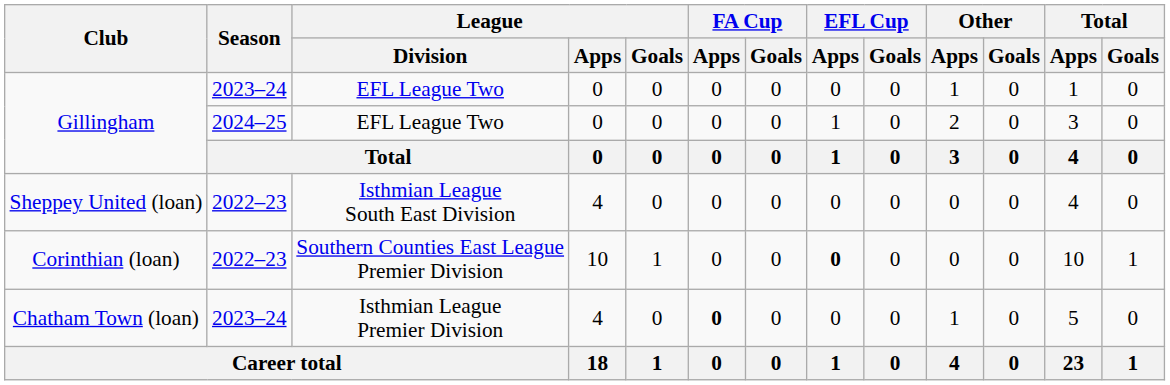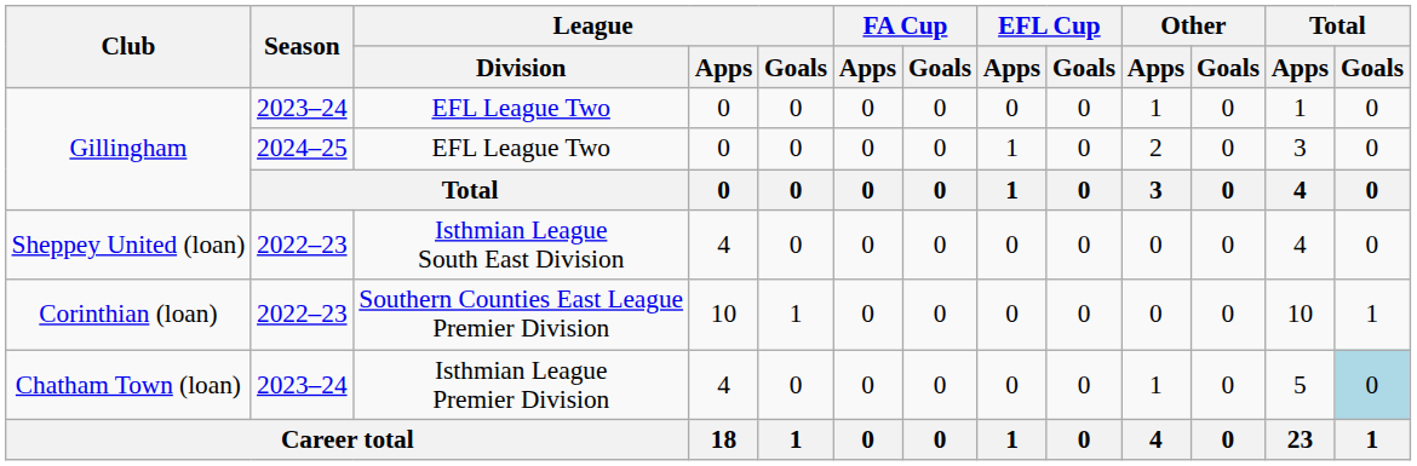 <table class="wikitable" style="text-align:center;">
 <tr>
 <th rowspan="2">Club</th>
 <th rowspan="2">Season</th>
 <th colspan="3">League</th>
 <th colspan="2"><a href='#'>FA Cup</a></th>
 <th colspan="2"><a href='#'>EFL Cup</a></th>
 <th colspan="2">Other</th>
 <th colspan="2">Total</th>
 </tr>
 <tr>
 <th>Division</th>
 <th>Apps</th>
 <th>Goals</th>
 <th>Apps</th>
 <th>Goals</th>
 <th>Apps</th>
 <th>Goals</th>
 <th>Apps</th>
 <th>Goals</th>
 <th>Apps</th>
 <th>Goals</th>
 </tr>
 <tr>
 <td rowspan=3><a href='#'>Gillingham</a></td>
 <td><a href='#'>2023–24</a></td>
 <td><a href='#'>EFL League Two</a></td>
 <td>0</td>
 <td>0</td>
 <td>0</td>
 <td>0</td>
 <td>0</td>
 <td>0</td>
 <td>1</td>
 <td>0</td>
 <td>1</td>
 <td>0</td>
 </tr>
 <tr>
 <td><a href='#'>2024–25</a></td>
 <td>EFL League Two</td>
 <td>0</td>
 <td>0</td>
 <td>0</td>
 <td>0</td>
 <td>1</td>
 <td>0</td>
 <td>2</td>
 <td>0</td>
 <td>3</td>
 <td>0</td>
 </tr>
 <tr>
 <th colspan="2">Total</th>
 <th>0</th>
 <th>0</th>
 <th>0</th>
 <th>0</th>
 <th>1</th>
 <th>0</th>
 <th>3</th>
 <th>0</th>
 <th>4</th>
 <th>0</th>
 </tr>
 <tr>
 <td><a href='#'>Sheppey United</a> (loan)</td>
 <td><a href='#'>2022–23</a></td>
 <td><a href='#'>Isthmian League</a><br>South East Division</td>
 <td>4</td>
 <td>0</td>
 <td>0</td>
 <td>0</td>
 <td>0</td>
 <td>0</td>
 <td>0</td>
 <td>0</td>
 <td>4</td>
 <td>0</td>
 </tr>
 <tr>
 <td><a href='#'>Corinthian</a> (loan)</td>
 <td><a href='#'>2022–23</a></td>
 <td><a href='#'>Southern Counties East League</a><br>Premier Division</td>
 <td>10</td>
 <td>1</td>
 <td>0</td>
 <td>0</td>
-<td><strong>0</strong></td>
+<td>0</td>
 <td>0</td>
 <td>0</td>
 <td>0</td>
 <td>10</td>
 <td>1</td>
 </tr>
 <tr>
 <td><a href='#'>Chatham Town</a> (loan)</td>
 <td><a href='#'>2023–24</a></td>
 <td>Isthmian League<br>Premier Division</td>
 <td>4</td>
 <td>0</td>
-<td><strong>0</strong></td>
+<td>0</td>
 <td>0</td>
 <td>0</td>
 <td>0</td>
 <td>1</td>
 <td>0</td>
 <td>5</td>
-<td>0</td>
+<td style="background: lightblue;">0</td>
 </tr>
 <tr>
 <th colspan="3">Career total</th>
 <th>18</th>
 <th>1</th>
 <th>0</th>
 <th>0</th>
 <th>1</th>
 <th>0</th>
 <th>4</th>
 <th>0</th>
 <th>23</th>
 <th>1</th>
 </tr>
 </table>
